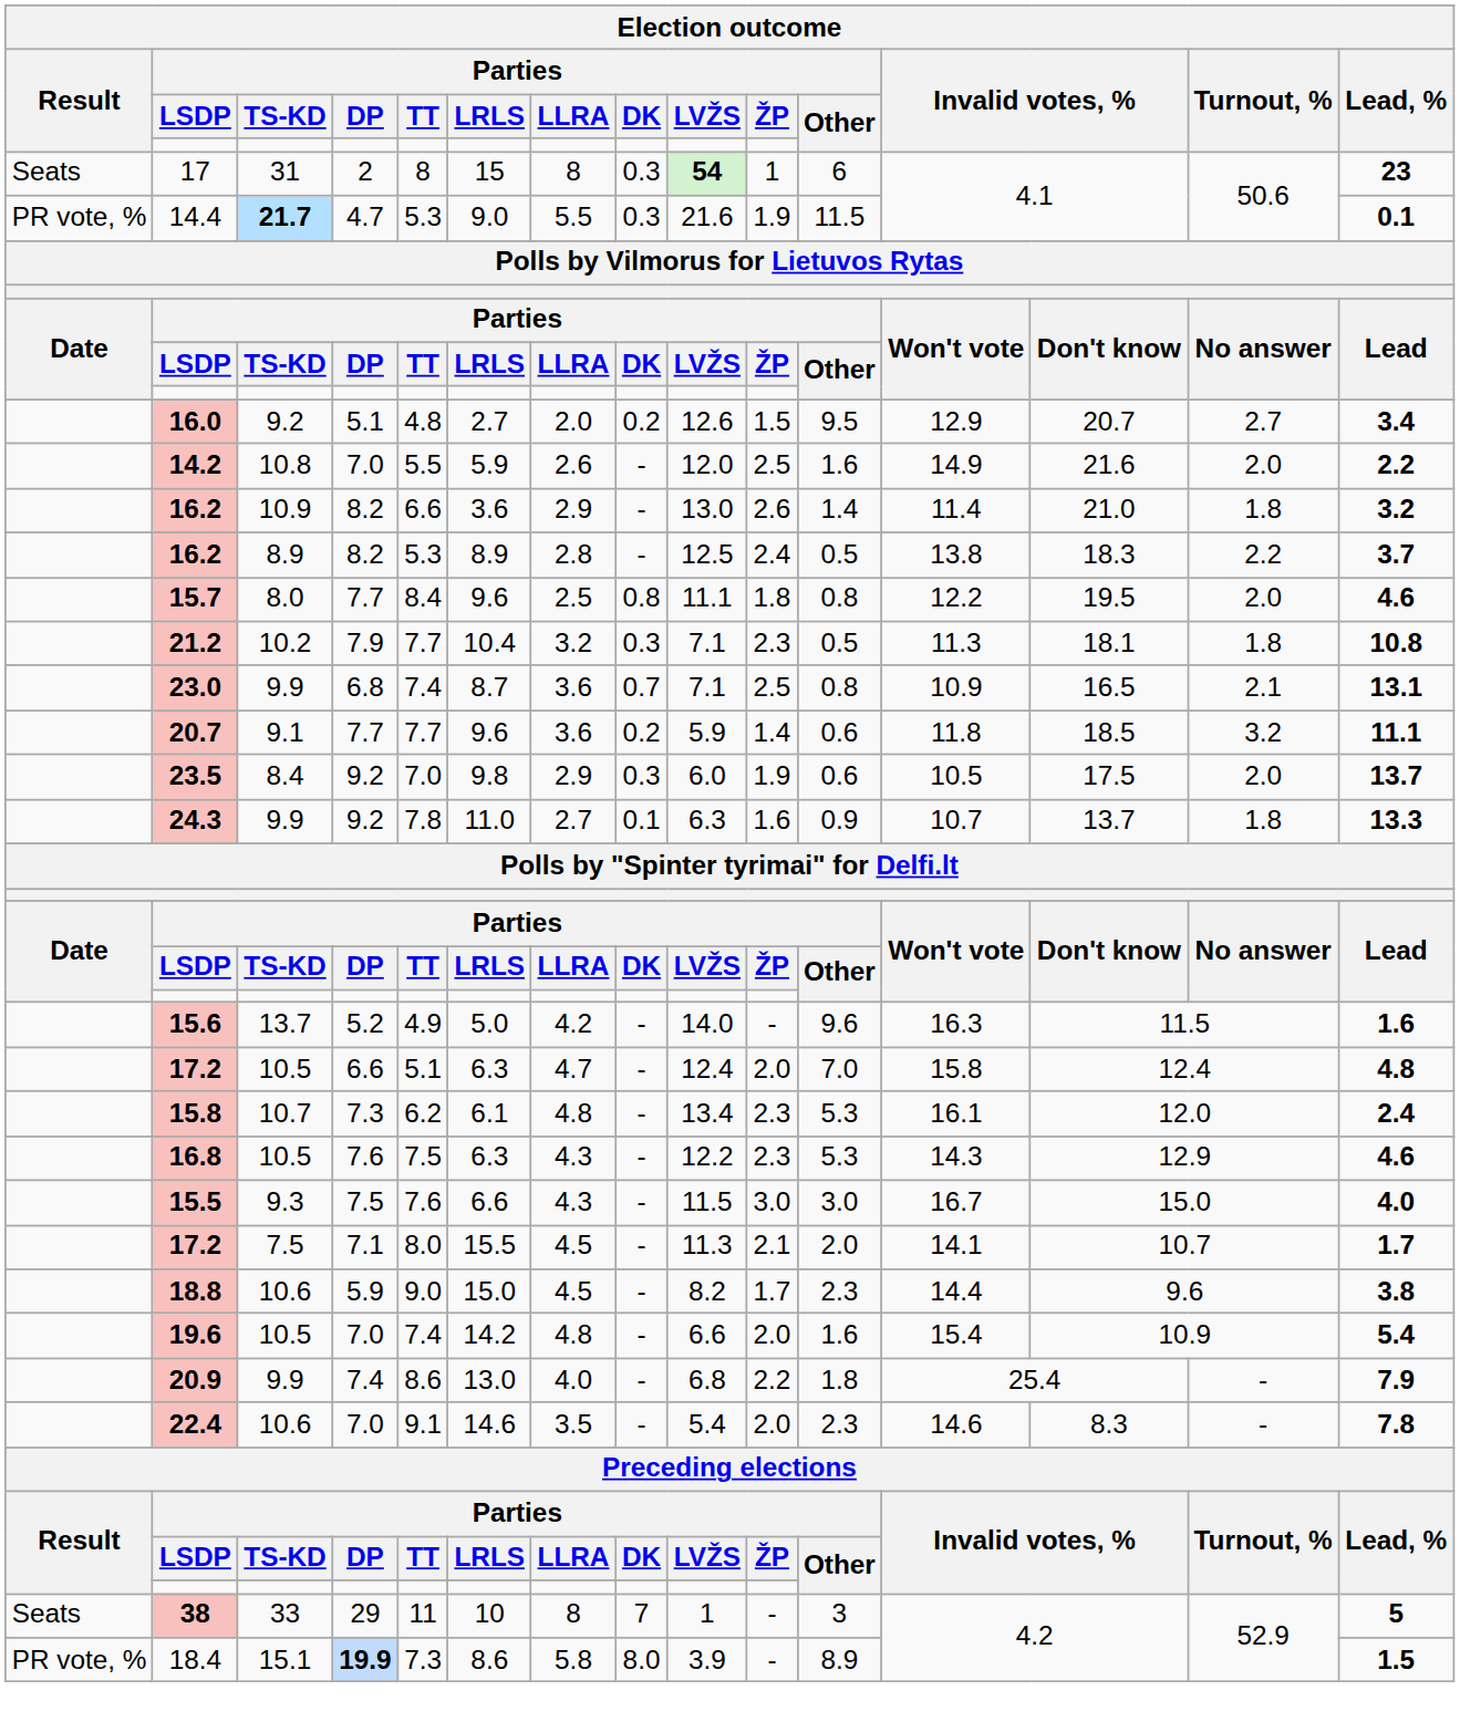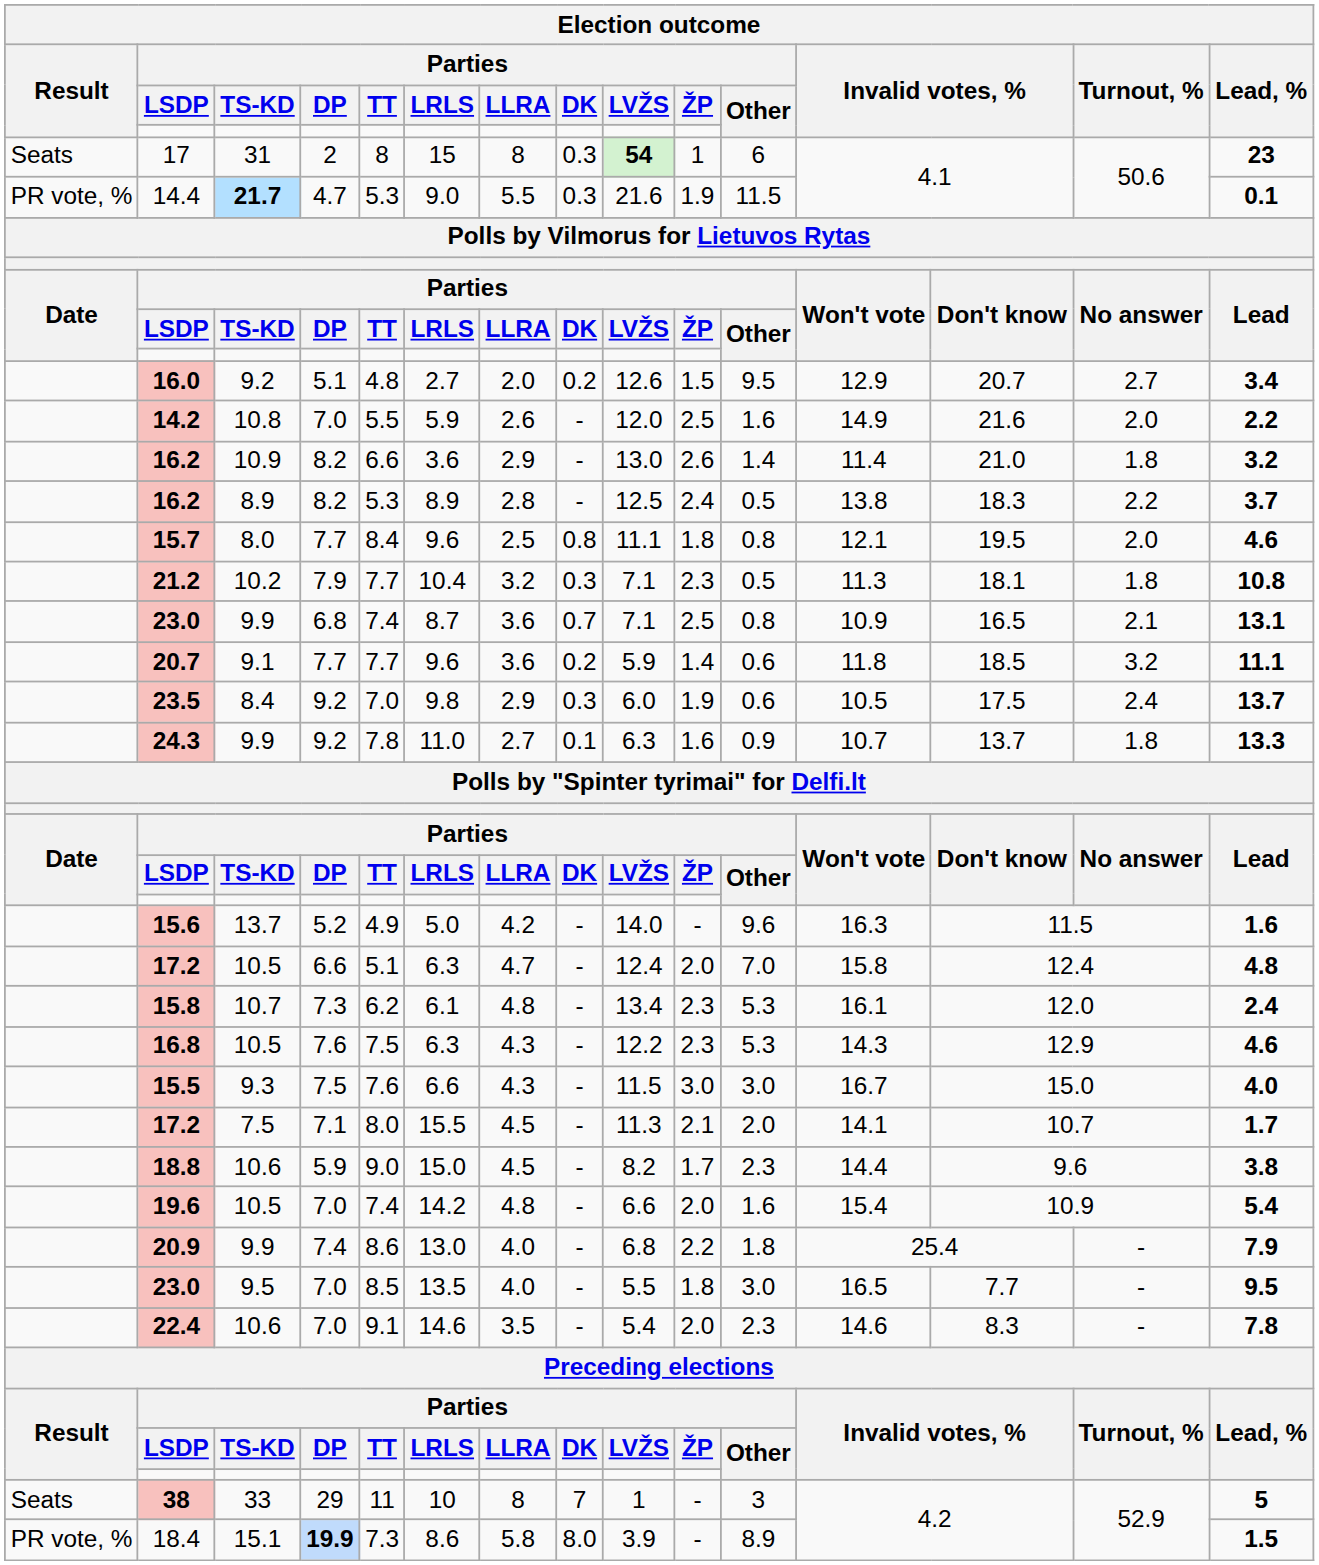 <table class=wikitable style="text-align:center; font-size:85%; line-height:16px">
 <tr>
 <th colspan=15>Election outcome</th>
 </tr>
 <tr>
 <th rowspan=3>Result</th>
 <th colspan=10>Parties</th>
 <th rowspan=3 colspan=2>Invalid votes, %</th>
 <th rowspan=3>Turnout, %</th>
 <th rowspan=3>Lead, %</th>
 </tr>
 <tr>
 <th><a href='#'>LSDP</a></th>
 <th><a href='#'>TS-KD</a></th>
 <th><a href='#'>DP</a></th>
 <th><a href='#'>TT</a></th>
 <th><a href='#'>LRLS</a></th>
 <th><a href='#'>LLRA</a></th>
 <th><a href='#'>DK</a></th>
 <th><a href='#'>LVŽS</a></th>
 <th><a href='#'>ŽP</a></th>
 <th rowspan=2>Other</th>
 </tr>
 <tr>
 <td style="background:"></td>
 <td style="background:"></td>
 <td style="background:"></td>
 <td style="background:"></td>
 <td style="background:"></td>
 <td style="background:"></td>
 <td style="background:"></td>
 <td style="background:"></td>
 <td style="background:"></td>
 </tr>
 <tr>
 <td align=left>Seats</td>
 <td>17</td>
 <td>31</td>
 <td>2</td>
 <td>8</td>
 <td>15</td>
 <td>8</td>
 <td>0.3</td>
 <td style="background:#D3F2D0"><strong>54</strong></td>
 <td>1</td>
 <td>6</td>
 <td colspan=2; rowspan=2>4.1</td>
 <td rowspan=2>50.6</td>
 <td style="background:"><strong>23</strong></td>
 </tr>
 <tr>
 <td align=left>PR vote, %</td>
 <td>14.4</td>
 <td style="background:#B3E0FF"><strong>21.7</strong></td>
 <td>4.7</td>
 <td>5.3</td>
 <td>9.0</td>
 <td>5.5</td>
 <td>0.3</td>
 <td>21.6</td>
 <td>1.9</td>
 <td>11.5</td>
 <td style="background:"><strong>0.1</strong></td>
 </tr>
 <tr>
 <th colspan=15>Polls by Vilmorus for <a href='#'>Lietuvos Rytas</a></th>
 </tr>
 <tr>
 <th colspan=15></th>
 </tr>
 <tr>
 <th rowspan=3>Date</th>
 <th colspan=10>Parties</th>
 <th rowspan=3>Won't vote</th>
 <th rowspan=3>Don't know</th>
 <th rowspan=3>No answer</th>
 <th rowspan=3>Lead</th>
 </tr>
 <tr>
 <th><a href='#'>LSDP</a></th>
 <th><a href='#'>TS-KD</a></th>
 <th><a href='#'>DP</a></th>
 <th><a href='#'>TT</a></th>
 <th><a href='#'>LRLS</a></th>
 <th><a href='#'>LLRA</a></th>
 <th><a href='#'>DK</a></th>
 <th><a href='#'>LVŽS</a></th>
 <th><a href='#'>ŽP</a></th>
 <th rowspan=2>Other</th>
 </tr>
 <tr>
 <td style="background:"></td>
 <td style="background:"></td>
 <td style="background:"></td>
 <td style="background:"></td>
 <td style="background:"></td>
 <td style="background:"></td>
 <td style="background:"></td>
 <td style="background:"></td>
 <td style="background:"></td>
 </tr>
 <tr>
 <td align=left></td>
 <td style="background:#F8C1BE"><strong>16.0</strong></td>
 <td>9.2</td>
 <td>5.1</td>
 <td>4.8</td>
 <td>2.7</td>
 <td>2.0</td>
 <td>0.2</td>
 <td>12.6</td>
 <td>1.5</td>
 <td>9.5</td>
 <td>12.9</td>
 <td>20.7</td>
 <td>2.7</td>
 <td style="background:"><strong>3.4</strong></td>
 </tr>
 <tr>
 <td align=left></td>
 <td style="background:#F8C1BE"><strong>14.2</strong></td>
 <td>10.8</td>
 <td>7.0</td>
 <td>5.5</td>
 <td>5.9</td>
 <td>2.6</td>
 <td>-</td>
 <td>12.0</td>
 <td>2.5</td>
 <td>1.6</td>
 <td>14.9</td>
 <td>21.6</td>
 <td>2.0</td>
 <td style="background:"><strong>2.2</strong></td>
 </tr>
 <tr>
 <td align=left></td>
 <td style="background:#F8C1BE"><strong>16.2</strong></td>
 <td>10.9</td>
 <td>8.2</td>
 <td>6.6</td>
 <td>3.6</td>
 <td>2.9</td>
 <td>-</td>
 <td>13.0</td>
 <td>2.6</td>
 <td>1.4</td>
 <td>11.4</td>
 <td>21.0</td>
 <td>1.8</td>
 <td style="background:"><strong>3.2</strong></td>
 </tr>
 <tr>
 <td align=left></td>
 <td style="background:#F8C1BE"><strong>16.2</strong></td>
 <td>8.9</td>
 <td>8.2</td>
 <td>5.3</td>
 <td>8.9</td>
 <td>2.8</td>
 <td>-</td>
 <td>12.5</td>
 <td>2.4</td>
 <td>0.5</td>
 <td>13.8</td>
 <td>18.3</td>
 <td>2.2</td>
 <td style="background:"><strong>3.7</strong></td>
 </tr>
 <tr>
 <td align=left></td>
 <td style="background:#F8C1BE"><strong>15.7</strong></td>
 <td>8.0</td>
 <td>7.7</td>
 <td>8.4</td>
 <td>9.6</td>
 <td>2.5</td>
 <td>0.8</td>
 <td>11.1</td>
 <td>1.8</td>
 <td>0.8</td>
-<td>12.2</td>
+<td>12.1</td>
 <td>19.5</td>
 <td>2.0</td>
 <td style="background:"><strong>4.6</strong></td>
 </tr>
 <tr>
 <td align=left></td>
 <td style="background:#F8C1BE"><strong>21.2</strong></td>
 <td>10.2</td>
 <td>7.9</td>
 <td>7.7</td>
 <td>10.4</td>
 <td>3.2</td>
 <td>0.3</td>
 <td>7.1</td>
 <td>2.3</td>
 <td>0.5</td>
 <td>11.3</td>
 <td>18.1</td>
 <td>1.8</td>
 <td style="background:"><strong>10.8</strong></td>
 </tr>
 <tr>
 <td align=left></td>
 <td style="background:#F8C1BE"><strong>23.0</strong></td>
 <td>9.9</td>
 <td>6.8</td>
 <td>7.4</td>
 <td>8.7</td>
 <td>3.6</td>
 <td>0.7</td>
 <td>7.1</td>
 <td>2.5</td>
 <td>0.8</td>
 <td>10.9</td>
 <td>16.5</td>
 <td>2.1</td>
 <td style="background:"><strong>13.1</strong></td>
 </tr>
 <tr>
 <td align=left></td>
 <td style="background:#F8C1BE"><strong>20.7</strong></td>
 <td>9.1</td>
 <td>7.7</td>
 <td>7.7</td>
 <td>9.6</td>
 <td>3.6</td>
 <td>0.2</td>
 <td>5.9</td>
 <td>1.4</td>
 <td>0.6</td>
 <td>11.8</td>
 <td>18.5</td>
 <td>3.2</td>
 <td style="background:"><strong>11.1</strong></td>
 </tr>
 <tr>
 <td align=left></td>
 <td style="background:#F8C1BE"><strong>23.5</strong></td>
 <td>8.4</td>
 <td>9.2</td>
 <td>7.0</td>
 <td>9.8</td>
 <td>2.9</td>
 <td>0.3</td>
 <td>6.0</td>
 <td>1.9</td>
 <td>0.6</td>
 <td>10.5</td>
 <td>17.5</td>
-<td>2.0</td>
+<td>2.4</td>
 <td style="background:"><strong>13.7</strong></td>
 </tr>
 <tr>
 <td align=left></td>
 <td style="background:#F8C1BE"><strong>24.3</strong></td>
 <td>9.9</td>
 <td>9.2</td>
 <td>7.8</td>
 <td>11.0</td>
 <td>2.7</td>
 <td>0.1</td>
 <td>6.3</td>
 <td>1.6</td>
 <td>0.9</td>
 <td>10.7</td>
 <td>13.7</td>
 <td>1.8</td>
 <td style="background:"><strong>13.3</strong></td>
 </tr>
 <tr>
 <th colspan=15>Polls by "Spinter tyrimai" for <a href='#'>Delfi.lt</a></th>
 </tr>
 <tr>
 <th colspan=15></th>
 </tr>
 <tr>
 <th rowspan=3>Date</th>
 <th colspan=10>Parties</th>
 <th rowspan=3>Won't vote</th>
 <th rowspan=3>Don't know</th>
 <th rowspan=3>No answer</th>
 <th rowspan=3>Lead</th>
 </tr>
 <tr>
 <th><a href='#'>LSDP</a></th>
 <th><a href='#'>TS-KD</a></th>
 <th><a href='#'>DP</a></th>
 <th><a href='#'>TT</a></th>
 <th><a href='#'>LRLS</a></th>
 <th><a href='#'>LLRA</a></th>
 <th><a href='#'>DK</a></th>
 <th><a href='#'>LVŽS</a></th>
 <th><a href='#'>ŽP</a></th>
 <th rowspan=2>Other</th>
 </tr>
 <tr>
 <td style="background:"></td>
 <td style="background:"></td>
 <td style="background:"></td>
 <td style="background:"></td>
 <td style="background:"></td>
 <td style="background:"></td>
 <td style="background:"></td>
 <td style="background:"></td>
 <td style="background:"></td>
 </tr>
 <tr>
 <td align=left></td>
 <td style="background:#F8C1BE"><strong>15.6</strong></td>
 <td>13.7</td>
 <td>5.2</td>
 <td>4.9</td>
 <td>5.0</td>
 <td>4.2</td>
 <td>-</td>
 <td>14.0</td>
 <td>-</td>
 <td>9.6</td>
 <td>16.3</td>
 <td colspan=2>11.5</td>
 <td style="background:"><strong>1.6</strong></td>
 </tr>
 <tr>
 <td align=left></td>
 <td style="background:#F8C1BE"><strong>17.2</strong></td>
 <td>10.5</td>
 <td>6.6</td>
 <td>5.1</td>
 <td>6.3</td>
 <td>4.7</td>
 <td>-</td>
 <td>12.4</td>
 <td>2.0</td>
 <td>7.0</td>
 <td>15.8</td>
 <td colspan=2>12.4</td>
 <td style="background:"><strong>4.8</strong></td>
 </tr>
 <tr>
 <td align=left></td>
 <td style="background:#F8C1BE"><strong>15.8</strong></td>
 <td>10.7</td>
 <td>7.3</td>
 <td>6.2</td>
 <td>6.1</td>
 <td>4.8</td>
 <td>-</td>
 <td>13.4</td>
 <td>2.3</td>
 <td>5.3</td>
 <td>16.1</td>
 <td colspan=2>12.0</td>
 <td style="background:"><strong>2.4</strong></td>
 </tr>
 <tr>
 <td align=left></td>
 <td style="background:#F8C1BE"><strong>16.8</strong></td>
 <td>10.5</td>
 <td>7.6</td>
 <td>7.5</td>
 <td>6.3</td>
 <td>4.3</td>
 <td>-</td>
 <td>12.2</td>
 <td>2.3</td>
 <td>5.3</td>
 <td>14.3</td>
 <td colspan=2>12.9</td>
 <td style="background:"><strong>4.6</strong></td>
 </tr>
 <tr>
 <td align=left></td>
 <td style="background:#F8C1BE"><strong>15.5</strong></td>
 <td>9.3</td>
 <td>7.5</td>
 <td>7.6</td>
 <td>6.6</td>
 <td>4.3</td>
 <td>-</td>
 <td>11.5</td>
 <td>3.0</td>
 <td>3.0</td>
 <td>16.7</td>
 <td colspan=2>15.0</td>
 <td style="background:"><strong>4.0</strong></td>
 </tr>
 <tr>
 <td align=left></td>
 <td style="background:#F8C1BE"><strong>17.2</strong></td>
 <td>7.5</td>
 <td>7.1</td>
 <td>8.0</td>
 <td>15.5</td>
 <td>4.5</td>
 <td>-</td>
 <td>11.3</td>
 <td>2.1</td>
 <td>2.0</td>
 <td>14.1</td>
 <td colspan=2>10.7</td>
 <td style="background:"><strong>1.7</strong></td>
 </tr>
 <tr>
 <td align=left></td>
 <td style="background:#F8C1BE"><strong>18.8</strong></td>
 <td>10.6</td>
 <td>5.9</td>
 <td>9.0</td>
 <td>15.0</td>
 <td>4.5</td>
 <td>-</td>
 <td>8.2</td>
 <td>1.7</td>
 <td>2.3</td>
 <td>14.4</td>
 <td colspan=2>9.6</td>
 <td style="background:"><strong>3.8</strong></td>
 </tr>
 <tr>
 <td align=left></td>
 <td style="background:#F8C1BE"><strong>19.6</strong></td>
 <td>10.5</td>
 <td>7.0</td>
 <td>7.4</td>
 <td>14.2</td>
 <td>4.8</td>
 <td>-</td>
 <td>6.6</td>
 <td>2.0</td>
 <td>1.6</td>
 <td>15.4</td>
 <td colspan=2>10.9</td>
 <td style="background:"><strong>5.4</strong></td>
 </tr>
 <tr>
 <td align=left></td>
 <td style="background:#F8C1BE"><strong>20.9</strong></td>
 <td>9.9</td>
 <td>7.4</td>
 <td>8.6</td>
 <td>13.0</td>
 <td>4.0</td>
 <td>-</td>
 <td>6.8</td>
 <td>2.2</td>
 <td>1.8</td>
 <td colspan=2>25.4</td>
 <td>-</td>
 <td style="background:"><strong>7.9</strong></td>
 </tr>
 <tr>
 <td align=left></td>
+<td style="background:#F8C1BE"><strong>23.0</strong></td>
+<td>9.5</td>
+<td>7.0</td>
+<td>8.5</td>
+<td>13.5</td>
+<td>4.0</td>
+<td>-</td>
+<td>5.5</td>
+<td>1.8</td>
+<td>3.0</td>
+<td>16.5</td>
+<td>7.7</td>
+<td>-</td>
+<td style="background:"><strong>9.5</strong></td>
+</tr>
+<tr>
+<td align=left></td>
 <td style="background:#F8C1BE"><strong>22.4</strong></td>
 <td>10.6</td>
 <td>7.0</td>
 <td>9.1</td>
 <td>14.6</td>
 <td>3.5</td>
 <td>-</td>
 <td>5.4</td>
 <td>2.0</td>
 <td>2.3</td>
 <td>14.6</td>
 <td>8.3</td>
 <td>-</td>
 <td style="background:"><strong>7.8</strong></td>
 </tr>
 <tr>
 <th colspan=15><a href='#'>Preceding elections</a></th>
 </tr>
 <tr>
 <th rowspan=3>Result</th>
 <th colspan=10>Parties</th>
 <th rowspan=3 colspan=2>Invalid votes, %</th>
 <th rowspan=3>Turnout, %</th>
 <th rowspan=3>Lead, %</th>
 </tr>
 <tr>
 <th><a href='#'>LSDP</a></th>
 <th><a href='#'>TS-KD</a></th>
 <th><a href='#'>DP</a></th>
 <th><a href='#'>TT</a></th>
 <th><a href='#'>LRLS</a></th>
 <th><a href='#'>LLRA</a></th>
 <th><a href='#'>DK</a></th>
 <th><a href='#'>LVŽS</a></th>
 <th><a href='#'>ŽP</a></th>
 <th rowspan=2>Other</th>
 </tr>
 <tr>
 <td style="background:"></td>
 <td style="background:"></td>
 <td style="background:"></td>
 <td style="background:"></td>
 <td style="background:"></td>
 <td style="background:"></td>
 <td style="background:"></td>
 <td style="background:"></td>
 <td style="background:"></td>
 </tr>
 <tr>
 <td align=left>Seats</td>
 <td style="background:#F8C1BE"><strong>38</strong></td>
 <td>33</td>
 <td>29</td>
 <td>11</td>
 <td>10</td>
 <td>8</td>
 <td>7</td>
 <td>1</td>
 <td>-</td>
 <td>3</td>
 <td colspan=2 rowspan=2>4.2</td>
 <td rowspan=2>52.9</td>
 <td style="background:"><strong>5</strong></td>
 </tr>
 <tr>
 <td align=left>PR vote, %</td>
 <td>18.4</td>
 <td>15.1</td>
 <td style="background:#C0DBFC"><strong>19.9</strong></td>
 <td>7.3</td>
 <td>8.6</td>
 <td>5.8</td>
 <td>8.0</td>
 <td>3.9</td>
 <td>-</td>
 <td>8.9</td>
 <td style="background:"><strong>1.5</strong></td>
 </tr>
 </table>
